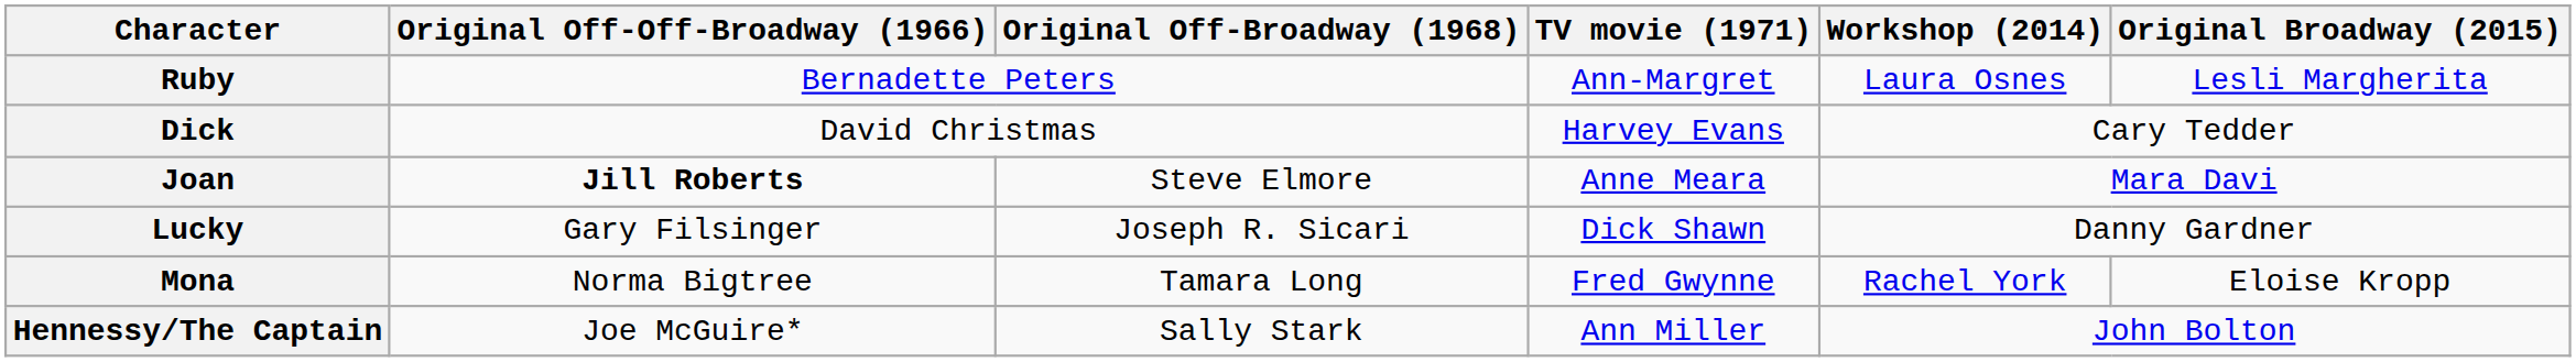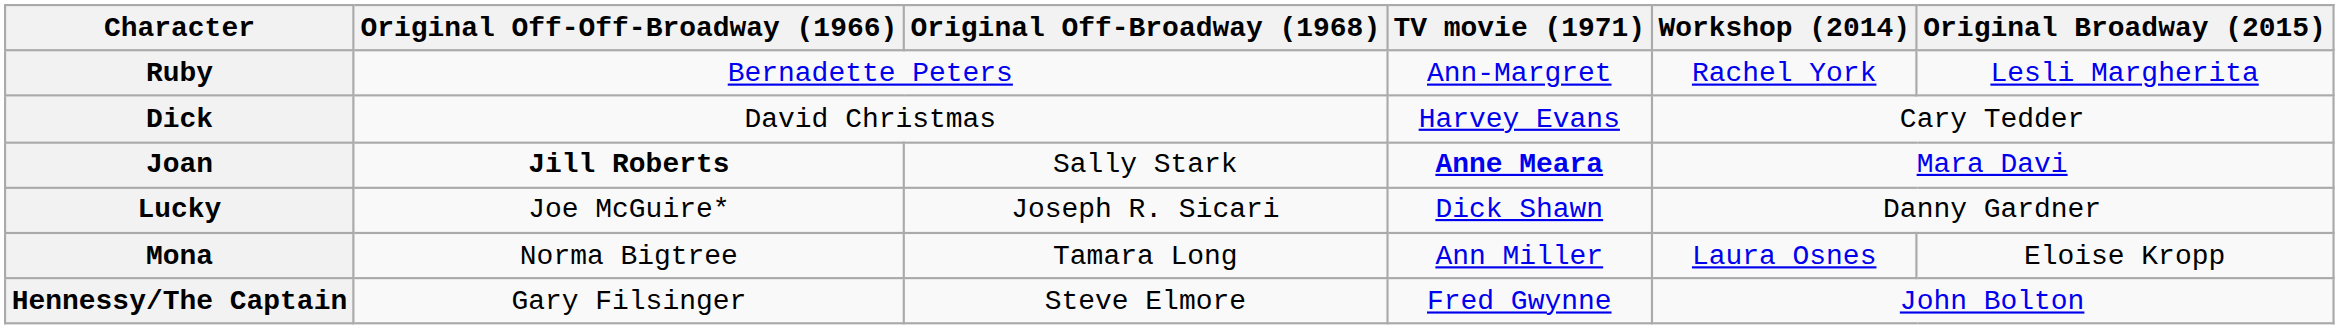 <table class="wikitable" width:90%;">
 <tr>
 <th scope"col">Character</th>
 <th scope"col">Original Off-Off-Broadway (1966)</th>
 <th scope"col">Original Off-Broadway (1968)</th>
 <th scope"col">TV movie (1971)</th>
 <th scope"col">Workshop (2014)</th>
 <th scope"col">Original Broadway (2015)</th>
 </tr>
 <tr>
 <th scope="row">Ruby</th>
 <td align="center" colspan="2"><a href='#'>Bernadette Peters</a></td>
 <td align="center"><a href='#'>Ann-Margret</a></td>
-<td align="center"><a href='#'>Laura Osnes</a></td>
+<td align="center"><a href='#'>Rachel York</a></td>
 <td align="center"><a href='#'>Lesli Margherita</a></td>
 </tr>
 <tr>
 <th scope="row">Dick</th>
 <td align="center" colspan="2">David Christmas</td>
 <td align="center"><a href='#'>Harvey Evans</a></td>
 <td colspan="2" align="center">Cary Tedder</td>
 </tr>
 <tr>
 <th scope="row">Joan</th>
 <td align="center"><strong>Jill Roberts</strong></td>
-<td align="center">Steve Elmore</td>
-<td align="center"><a href='#'>Anne Meara</a></td>
+<td align="center">Sally Stark</td>
+<td align="center"><strong><a href='#'>Anne Meara</a></strong></td>
 <td colspan="2" align="center"><a href='#'>Mara Davi</a></td>
 </tr>
 <tr>
 <th scope="row">Lucky</th>
-<td align="center">Gary Filsinger</td>
+<td align="center">Joe McGuire*</td>
 <td align="center">Joseph R. Sicari</td>
 <td align="center"><a href='#'>Dick Shawn</a></td>
 <td colspan="2" align="center">Danny Gardner</td>
 </tr>
 <tr>
 <th scope="row">Mona</th>
 <td align="center">Norma Bigtree</td>
 <td align="center">Tamara Long</td>
-<td align="center"><a href='#'>Fred Gwynne</a></td>
-<td align="center"><a href='#'>Rachel York</a></td>
+<td align="center"><a href='#'>Ann Miller</a></td>
+<td align="center"><a href='#'>Laura Osnes</a></td>
 <td align="center">Eloise Kropp</td>
 </tr>
 <tr>
 <th scope="row">Hennessy/The Captain</th>
-<td align="center">Joe McGuire*</td>
-<td align="center">Sally Stark</td>
-<td align="center"><a href='#'>Ann Miller</a></td>
+<td align="center">Gary Filsinger</td>
+<td align="center">Steve Elmore</td>
+<td align="center"><a href='#'>Fred Gwynne</a></td>
 <td colspan="2" align="center"><a href='#'>John Bolton</a></td>
 </tr>
 </table>
